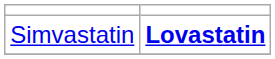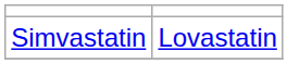 <table align="center"  class="wikitable" style="background-color:white;">
 <tr>
 <td></td>
 <td valign="top"></td>
 </tr>
 <tr>
 <td><a href='#'>Simvastatin</a></td>
-<td><strong><a href='#'>Lovastatin</a></strong></td>
+<td><a href='#'>Lovastatin</a></td>
 </tr>
 <tr>
 </tr>
 </table>
